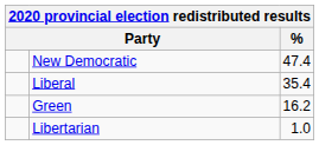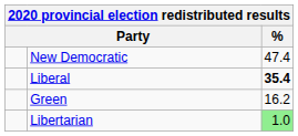 <table class="wikitable">
 <tr>
 <th colspan="4"><a href='#'>2020 provincial election</a> redistributed results</th>
 </tr>
 <tr>
 <th bgcolor="#DDDDFF" width="130px" colspan="2">Party</th>
 <th bgcolor="#DDDDFF" width="30px">%</th>
 </tr>
 <tr>
 <td> </td>
 <td><a href='#'>New Democratic</a></td>
 <td align=right>47.4</td>
 </tr>
 <tr>
 <td> </td>
 <td><a href='#'>Liberal</a></td>
-<td align=right>35.4</td>
+<td align=right><strong>35.4</strong></td>
 </tr>
 <tr>
 <td> </td>
 <td><a href='#'>Green</a></td>
 <td align=right>16.2</td>
 </tr>
 <tr>
 <td> </td>
 <td><a href='#'>Libertarian</a></td>
-<td align=right>1.0</td>
+<td align=right style="background: lightgreen;">1.0</td>
 </tr>
 </table>
